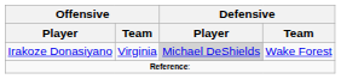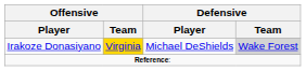 <table class="wikitable" style="text-align: center;">
 <tr>
 <th colspan="2">Offensive</th>
 <th colspan="2">Defensive</th>
 </tr>
 <tr>
 <th>Player</th>
 <th>Team</th>
 <th>Player</th>
 <th>Team</th>
 </tr>
 <tr>
 <td><a href='#'>Irakoze Donasiyano</a></td>
-<td><a href='#'>Virginia</a></td>
-<td style="background: lightgrey;"><a href='#'>Michael DeShields</a></td>
-<td><a href='#'>Wake Forest</a></td>
+<td style="background: gold;"><a href='#'>Virginia</a></td>
+<td><a href='#'>Michael DeShields</a></td>
+<td style="background: lightgrey;"><a href='#'>Wake Forest</a></td>
 </tr>
 <tr>
 <td colspan="12"  style="font-size:8pt; text-align:center;"><strong>Reference</strong>:</td>
 </tr>
 </table>
